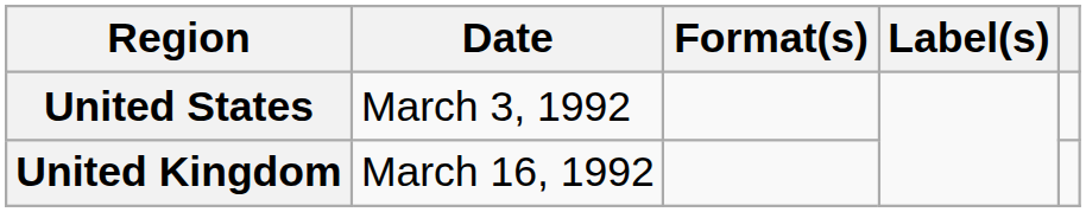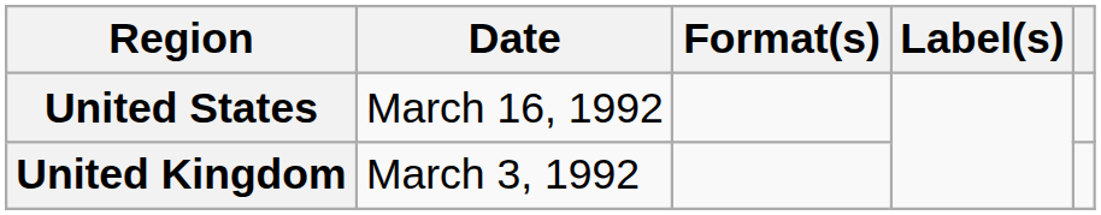 <table class="wikitable plainrowheaders">
 <tr>
 <th scope="col">Region</th>
 <th scope="col">Date</th>
 <th scope="col">Format(s)</th>
 <th scope="col">Label(s)</th>
 <th scope="col"></th>
 </tr>
 <tr>
 <th scope="row">United States</th>
-<td>March 3, 1992</td>
+<td>March 16, 1992</td>
 <td></td>
 <td rowspan="2"></td>
 <td></td>
 </tr>
 <tr>
 <th scope="row">United Kingdom</th>
-<td>March 16, 1992</td>
+<td>March 3, 1992</td>
 <td></td>
 <td></td>
 </tr>
 </table>
